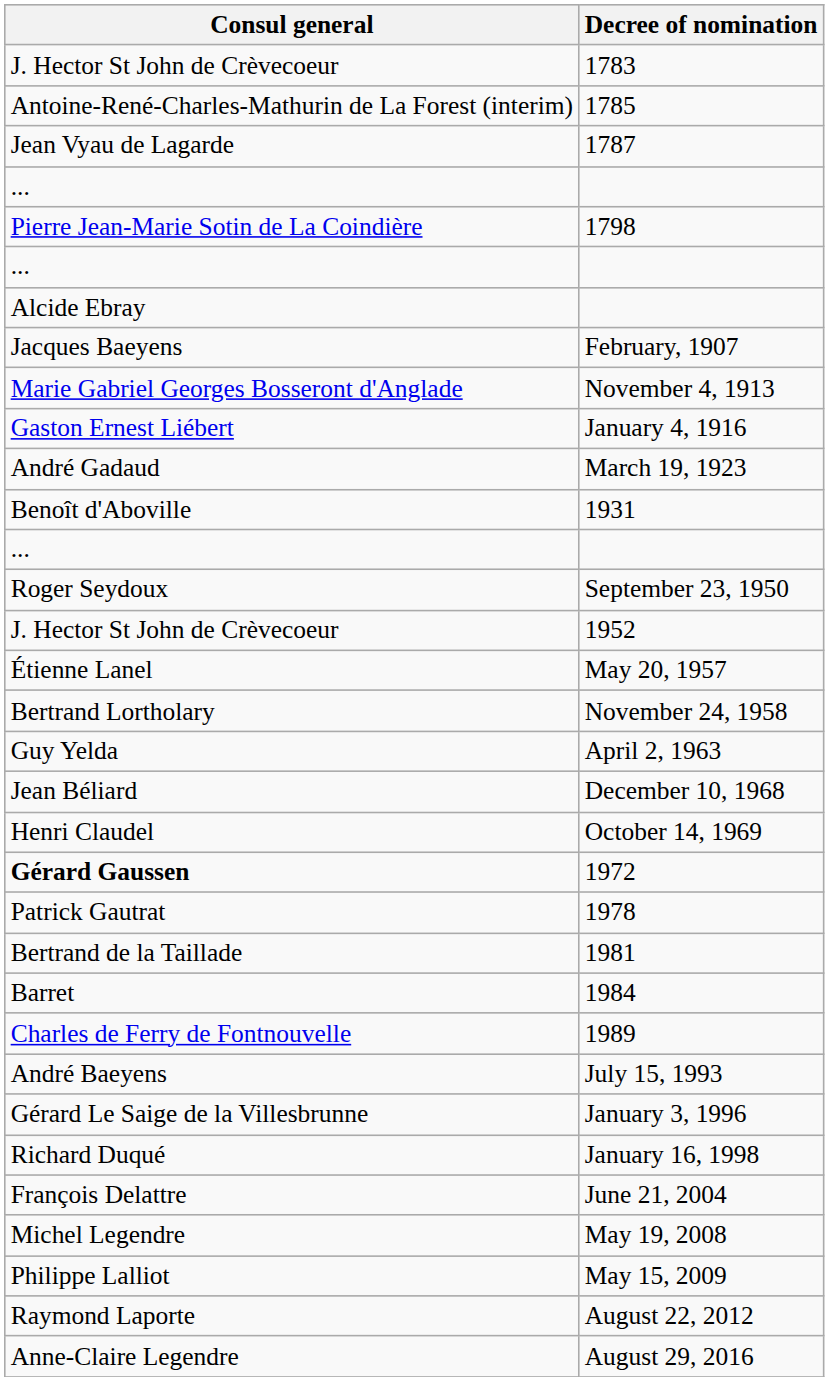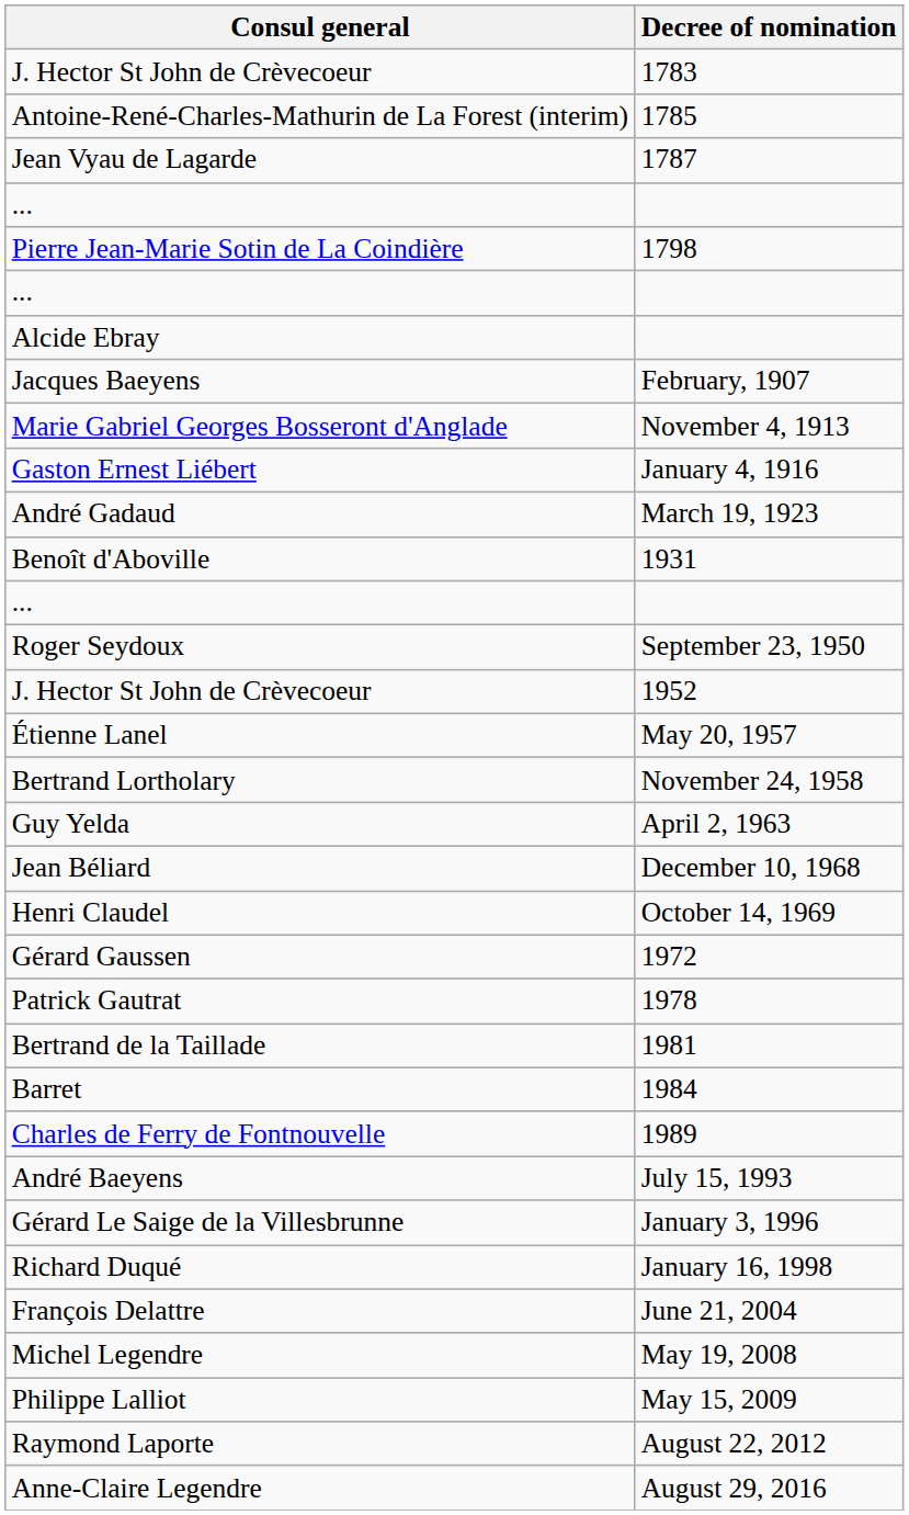 <table class="wikitable">
 <tr>
 <th>Consul general</th>
 <th>Decree of nomination</th>
 </tr>
 <tr>
 <td>J. Hector St John de Crèvecoeur</td>
 <td>1783</td>
 </tr>
 <tr>
 <td>Antoine-René-Charles-Mathurin de La Forest (interim)</td>
 <td>1785</td>
 </tr>
 <tr>
 <td>Jean Vyau de Lagarde</td>
 <td>1787</td>
 </tr>
 <tr>
 <td>...</td>
 <td></td>
 </tr>
 <tr>
 <td><a href='#'>Pierre Jean-Marie Sotin de La Coindière</a></td>
 <td>1798</td>
 </tr>
 <tr>
 <td>...</td>
 <td></td>
 </tr>
 <tr>
 <td>Alcide Ebray</td>
 <td></td>
 </tr>
 <tr>
 <td>Jacques Baeyens</td>
 <td>February, 1907</td>
 </tr>
 <tr>
 <td><a href='#'>Marie Gabriel Georges Bosseront d'Anglade</a></td>
 <td>November 4, 1913</td>
 </tr>
 <tr>
 <td><a href='#'>Gaston Ernest Liébert</a></td>
 <td>January 4, 1916</td>
 </tr>
 <tr>
 <td>André Gadaud</td>
 <td>March 19, 1923</td>
 </tr>
 <tr>
 <td>Benoît d'Aboville</td>
 <td>1931</td>
 </tr>
 <tr>
 <td>...</td>
 <td></td>
 </tr>
 <tr>
 <td>Roger Seydoux</td>
 <td>September 23, 1950</td>
 </tr>
 <tr>
 <td>J. Hector St John de Crèvecoeur</td>
 <td>1952</td>
 </tr>
 <tr>
 <td>Étienne Lanel</td>
 <td>May 20, 1957</td>
 </tr>
 <tr>
 <td>Bertrand Lortholary</td>
 <td>November 24, 1958</td>
 </tr>
 <tr>
 <td>Guy Yelda</td>
 <td>April 2, 1963</td>
 </tr>
 <tr>
 <td>Jean Béliard</td>
 <td>December 10, 1968</td>
 </tr>
 <tr>
 <td>Henri Claudel</td>
 <td>October 14, 1969</td>
 </tr>
 <tr>
-<td><strong>Gérard Gaussen</strong></td>
+<td>Gérard Gaussen</td>
 <td>1972</td>
 </tr>
 <tr>
 <td>Patrick Gautrat</td>
 <td>1978</td>
 </tr>
 <tr>
 <td>Bertrand de la Taillade</td>
 <td>1981</td>
 </tr>
 <tr>
 <td>Barret</td>
 <td>1984</td>
 </tr>
 <tr>
 <td><a href='#'>Charles de Ferry de Fontnouvelle</a></td>
 <td>1989</td>
 </tr>
 <tr>
 <td>André Baeyens</td>
 <td>July 15, 1993</td>
 </tr>
 <tr>
 <td>Gérard Le Saige de la Villesbrunne</td>
 <td>January 3, 1996</td>
 </tr>
 <tr>
 <td>Richard Duqué</td>
 <td>January 16, 1998</td>
 </tr>
 <tr>
 <td>François Delattre</td>
 <td>June 21, 2004</td>
 </tr>
 <tr>
 <td>Michel Legendre</td>
 <td>May 19, 2008</td>
 </tr>
 <tr>
 <td>Philippe Lalliot</td>
 <td>May 15, 2009</td>
 </tr>
 <tr>
 <td>Raymond Laporte</td>
 <td>August 22, 2012</td>
 </tr>
 <tr>
 <td>Anne-Claire Legendre</td>
 <td>August 29, 2016</td>
 </tr>
 </table>
